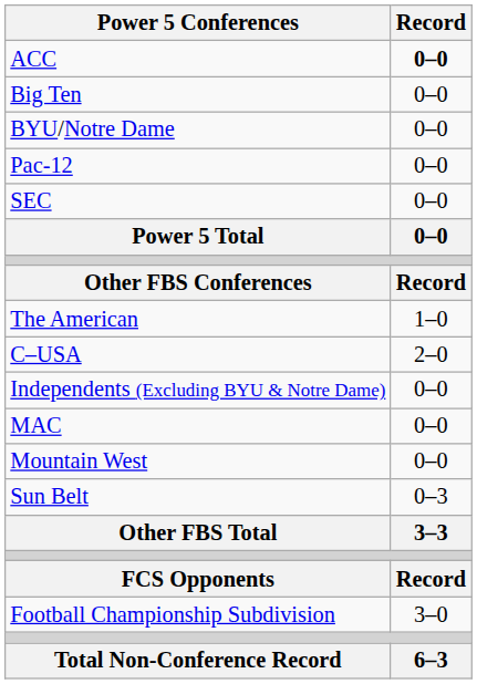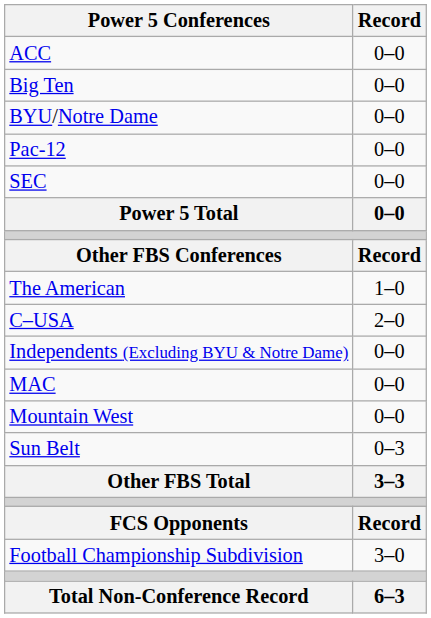 <table class="wikitable">
 <tr>
 <th>Power 5 Conferences</th>
 <th>Record</th>
 </tr>
 <tr>
 <td><a href='#'>ACC</a></td>
-<td align=center><strong>0–0</strong></td>
+<td align=center>0–0</td>
 </tr>
 <tr>
 <td><a href='#'>Big Ten</a></td>
 <td align=center>0–0</td>
 </tr>
 <tr>
 <td><a href='#'>BYU</a>/<a href='#'>Notre Dame</a></td>
 <td align=center>0–0</td>
 </tr>
 <tr>
 <td><a href='#'>Pac-12</a></td>
 <td align=center>0–0</td>
 </tr>
 <tr>
 <td><a href='#'>SEC</a></td>
 <td align=center>0–0</td>
 </tr>
 <tr>
 <th>Power 5 Total</th>
 <th>0–0</th>
 </tr>
 <tr>
 <th colspan="2" style="background:lightgrey;"></th>
 </tr>
 <tr>
 <th>Other FBS Conferences</th>
 <th>Record</th>
 </tr>
 <tr>
 <td><a href='#'>The American</a></td>
 <td align=center>1–0</td>
 </tr>
 <tr>
 <td><a href='#'>C–USA</a></td>
 <td align=center>2–0</td>
 </tr>
 <tr>
 <td><a href='#'>Independents <small>(Excluding BYU & Notre Dame)</small></a></td>
 <td align=center>0–0</td>
 </tr>
 <tr>
 <td><a href='#'>MAC</a></td>
 <td align=center>0–0</td>
 </tr>
 <tr>
 <td><a href='#'>Mountain West</a></td>
 <td align=center>0–0</td>
 </tr>
 <tr>
 <td><a href='#'>Sun Belt</a></td>
 <td align=center>0–3</td>
 </tr>
 <tr>
 <th>Other FBS Total</th>
 <th>3–3</th>
 </tr>
 <tr>
 <th colspan="2" style="background:lightgrey;"></th>
 </tr>
 <tr>
 <th>FCS Opponents</th>
 <th>Record</th>
 </tr>
 <tr>
 <td><a href='#'>Football Championship Subdivision</a></td>
 <td align=center>3–0</td>
 </tr>
 <tr>
 <th colspan="2" style="background:lightgrey;"></th>
 </tr>
 <tr>
 <th>Total Non-Conference Record</th>
 <th>6–3</th>
 </tr>
 </table>
